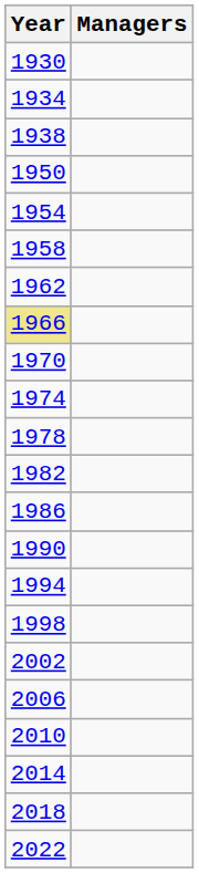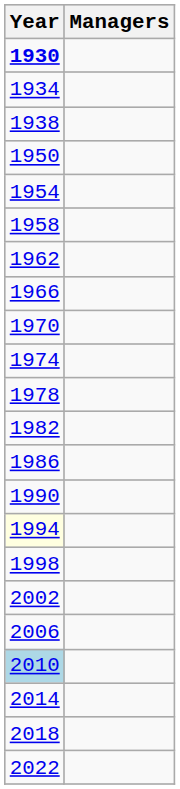 <table class="wikitable plainrowheaders">
 <tr>
 <th scope=col>Year</th>
 <th scope=col>Managers</th>
 </tr>
 <tr>
-<td align="center"><a href='#'>1930</a></td>
+<td align="center"><strong><a href='#'>1930</a></strong></td>
 <td><br>            </td>
 </tr>
 <tr>
 <td align="center"><a href='#'>1934</a></td>
 <td><br>               </td>
 </tr>
 <tr>
 <td align="center"><a href='#'>1938</a></td>
 <td><br>              </td>
 </tr>
 <tr>
 <td align="center"><a href='#'>1950</a></td>
 <td><br>            </td>
 </tr>
 <tr>
 <td align="center"><a href='#'>1954</a></td>
 <td><br>               </td>
 </tr>
 <tr>
 <td align="center"><a href='#'>1958</a></td>
 <td><br>               </td>
 </tr>
 <tr>
 <td align="center"><a href='#'>1962</a></td>
 <td><br>               </td>
 </tr>
 <tr>
-<td align="center" style="background: khaki;"><a href='#'>1966</a></td>
+<td align="center"><a href='#'>1966</a></td>
 <td><br>               </td>
 </tr>
 <tr>
 <td align="center"><a href='#'>1970</a></td>
 <td><br>               </td>
 </tr>
 <tr>
 <td align="center"><a href='#'>1974</a></td>
 <td><br>               </td>
 </tr>
 <tr>
 <td align="center"><a href='#'>1978</a></td>
 <td><br>               </td>
 </tr>
 <tr>
 <td align="center"><a href='#'>1982</a></td>
 <td><br>                       </td>
 </tr>
 <tr>
 <td align="center"><a href='#'>1986</a></td>
 <td><br>                       </td>
 </tr>
 <tr>
 <td align="center"><a href='#'>1990</a></td>
 <td><br>                       </td>
 </tr>
 <tr>
-<td align="center"><a href='#'>1994</a></td>
+<td align="center" style="background: lightyellow;"><a href='#'>1994</a></td>
 <td><br>                       </td>
 </tr>
 <tr>
 <td align="center"><a href='#'>1998</a></td>
 <td><br>                               </td>
 </tr>
 <tr>
 <td align="center"><a href='#'>2002</a></td>
 <td><br>                               </td>
 </tr>
 <tr>
 <td align="center"><a href='#'>2006</a></td>
 <td><br>                               </td>
 </tr>
 <tr>
-<td align="center"><a href='#'>2010</a></td>
+<td align="center" style="background: lightblue;"><a href='#'>2010</a></td>
 <td><br>                               </td>
 </tr>
 <tr>
 <td align="center"><a href='#'>2014</a></td>
 <td><br>                               </td>
 </tr>
 <tr>
 <td align="center"><a href='#'>2018</a></td>
 <td><br>                               </td>
 </tr>
 <tr>
 <td align="center"><a href='#'>2022</a></td>
 <td><br>                               </td>
 </tr>
 </table>
